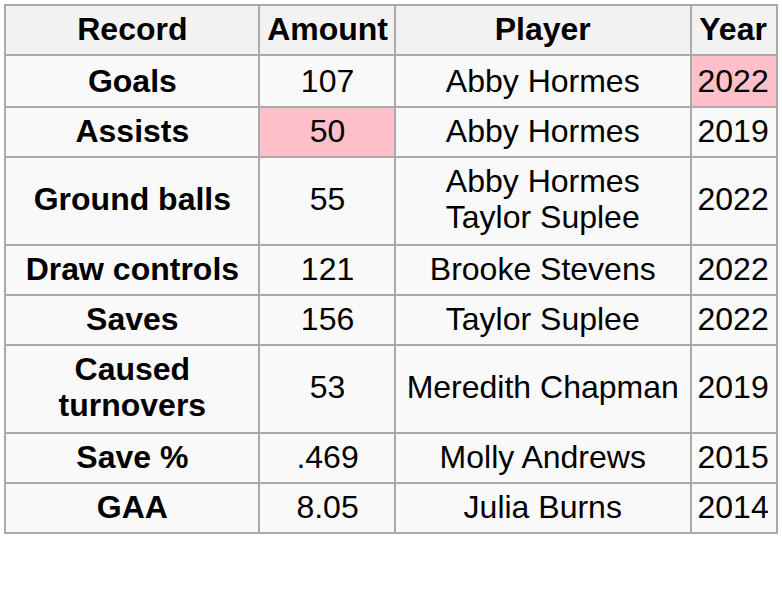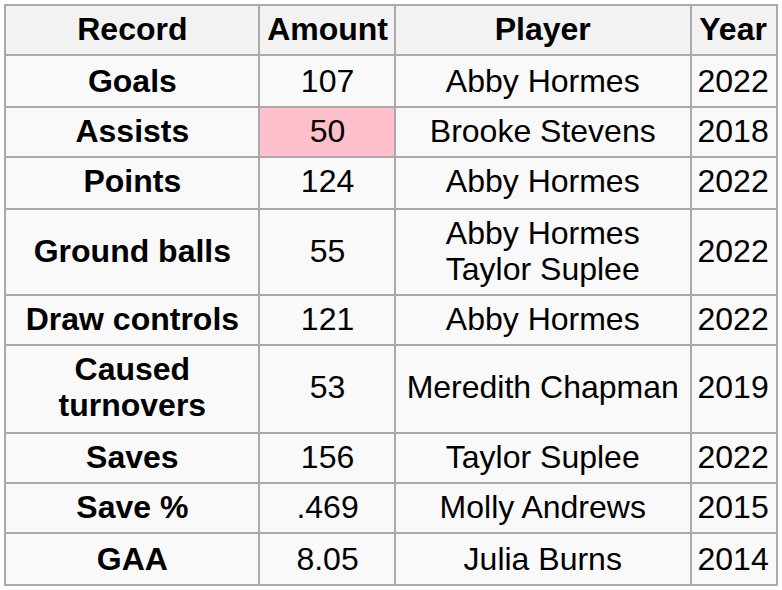 <table class="wikitable">
 <tr>
 <th style="width:120px; ">Record</th>
 <th style="width:35px; ">Amount</th>
 <th style="width:140px; ">Player</th>
 <th style="width:30px; ">Year</th>
 </tr>
 <tr style="text-align:center;">
 <td><strong>Goals</strong></td>
 <td>107</td>
 <td>Abby Hormes</td>
-<td style="background: pink;">2022</td>
+<td>2022</td>
 </tr>
 <tr style="text-align:center;">
 <td><strong>Assists</strong></td>
 <td style="background: pink;">50</td>
+<td>Brooke Stevens</td>
+<td>2018</td>
+</tr>
+<tr style="text-align:center;">
+<td><strong>Points</strong></td>
+<td>124</td>
 <td>Abby Hormes</td>
-<td>2019</td>
+<td>2022</td>
 </tr>
 <tr style="text-align:center;">
 <td><strong>Ground balls</strong></td>
 <td>55</td>
 <td>Abby Hormes<br>Taylor Suplee</td>
 <td>2022</td>
 </tr>
 <tr style="text-align:center;">
 <td><strong>Draw controls</strong></td>
 <td>121</td>
-<td>Brooke Stevens</td>
-<td>2022</td>
-</tr>
-<tr style="text-align:center;">
-<td><strong>Saves</strong></td>
-<td>156</td>
-<td>Taylor Suplee</td>
+<td>Abby Hormes</td>
 <td>2022</td>
 </tr>
 <tr style="text-align:center;">
 <td><strong>Caused turnovers</strong></td>
 <td>53</td>
 <td>Meredith Chapman</td>
 <td>2019</td>
+</tr>
+<tr style="text-align:center;">
+<td><strong>Saves</strong></td>
+<td>156</td>
+<td>Taylor Suplee</td>
+<td>2022</td>
 </tr>
 <tr style="text-align:center;">
 <td><strong>Save %</strong></td>
 <td>.469</td>
 <td>Molly Andrews</td>
 <td>2015</td>
 </tr>
 <tr style="text-align:center;">
 <td><strong>GAA</strong></td>
 <td>8.05</td>
 <td>Julia Burns</td>
 <td>2014</td>
 </tr>
 </table>
